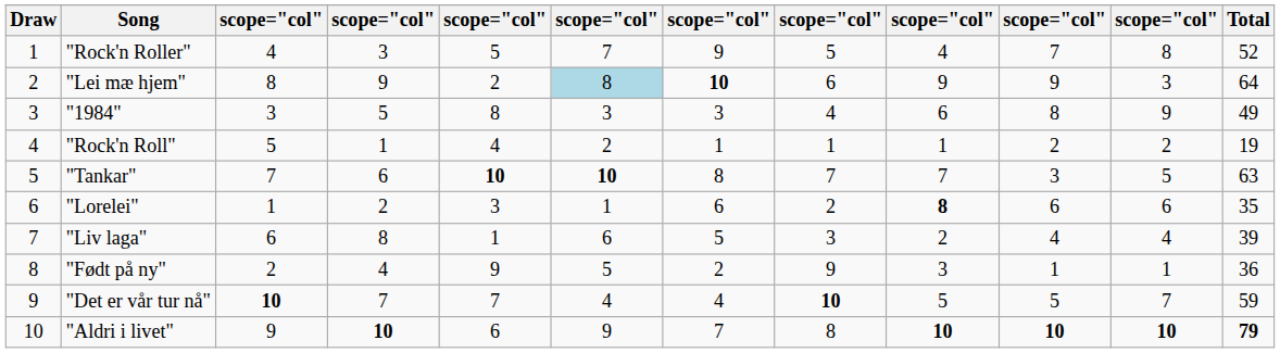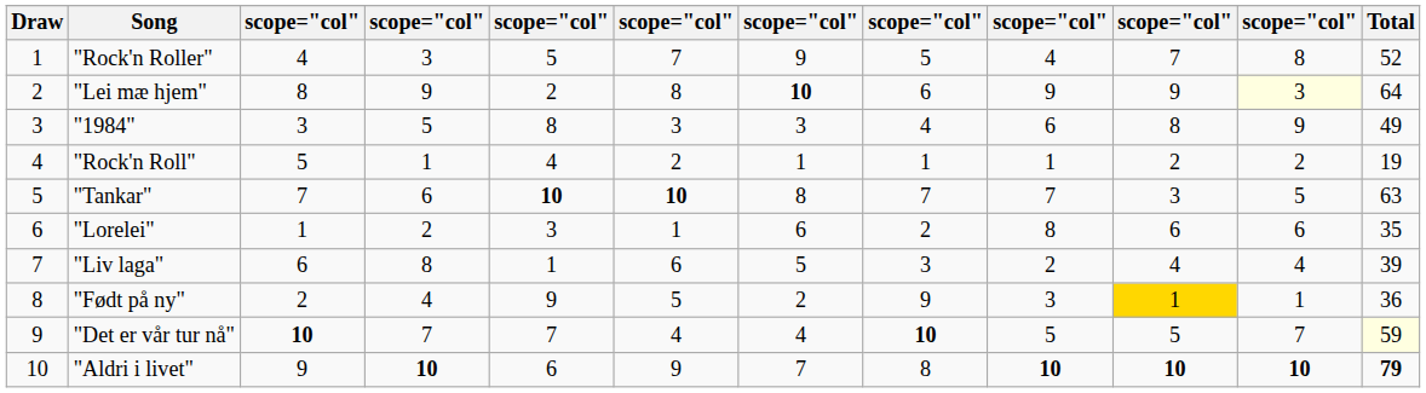 <table class="wikitable plainrowheaders" style="margin: 1em auto 1em auto; text-align:center;">
 <tr>
 </tr>
 <tr>
 <th scope="col">Draw</th>
 <th scope="col">Song</th>
 <th>scope="col" </th>
 <th>scope="col" </th>
 <th>scope="col" </th>
 <th>scope="col" </th>
 <th>scope="col" </th>
 <th>scope="col" </th>
 <th>scope="col" </th>
 <th>scope="col" </th>
 <th>scope="col" </th>
 <th scope="col">Total</th>
 </tr>
 <tr>
 <td>1</td>
 <td align="left">"Rock'n Roller"</td>
 <td>4</td>
 <td>3</td>
 <td>5</td>
 <td>7</td>
 <td>9</td>
 <td>5</td>
 <td>4</td>
 <td>7</td>
 <td>8</td>
 <td>52</td>
 </tr>
 <tr>
 <td>2</td>
 <td align="left">"Lei mæ hjem"</td>
 <td>8</td>
 <td>9</td>
 <td>2</td>
-<td style="background: lightblue;">8</td>
+<td>8</td>
 <td><strong>10</strong></td>
 <td>6</td>
 <td>9</td>
 <td>9</td>
-<td>3</td>
+<td style="background: lightyellow;">3</td>
 <td>64</td>
 </tr>
 <tr>
 <td>3</td>
 <td align="left">"1984"</td>
 <td>3</td>
 <td>5</td>
 <td>8</td>
 <td>3</td>
 <td>3</td>
 <td>4</td>
 <td>6</td>
 <td>8</td>
 <td>9</td>
 <td>49</td>
 </tr>
 <tr>
 <td>4</td>
 <td align="left">"Rock'n Roll"</td>
 <td>5</td>
 <td>1</td>
 <td>4</td>
 <td>2</td>
 <td>1</td>
 <td>1</td>
 <td>1</td>
 <td>2</td>
 <td>2</td>
 <td>19</td>
 </tr>
 <tr>
 <td>5</td>
 <td align="left">"Tankar"</td>
 <td>7</td>
 <td>6</td>
 <td><strong>10</strong></td>
 <td><strong>10</strong></td>
 <td>8</td>
 <td>7</td>
 <td>7</td>
 <td>3</td>
 <td>5</td>
 <td>63</td>
 </tr>
 <tr>
 <td>6</td>
 <td align="left">"Lorelei"</td>
 <td>1</td>
 <td>2</td>
 <td>3</td>
 <td>1</td>
 <td>6</td>
 <td>2</td>
-<td><strong>8</strong></td>
+<td>8</td>
 <td>6</td>
 <td>6</td>
 <td>35</td>
 </tr>
 <tr>
 <td>7</td>
 <td align="left">"Liv laga"</td>
 <td>6</td>
 <td>8</td>
 <td>1</td>
 <td>6</td>
 <td>5</td>
 <td>3</td>
 <td>2</td>
 <td>4</td>
 <td>4</td>
 <td>39</td>
 </tr>
 <tr>
 <td>8</td>
 <td align="left">"Født på ny"</td>
 <td>2</td>
 <td>4</td>
 <td>9</td>
 <td>5</td>
 <td>2</td>
 <td>9</td>
 <td>3</td>
-<td>1</td>
+<td style="background: gold;">1</td>
 <td>1</td>
 <td>36</td>
 </tr>
 <tr>
 <td>9</td>
 <td align="left">"Det er vår tur nå"</td>
 <td><strong>10</strong></td>
 <td>7</td>
 <td>7</td>
 <td>4</td>
 <td>4</td>
 <td><strong>10</strong></td>
 <td>5</td>
 <td>5</td>
 <td>7</td>
-<td>59</td>
+<td style="background: lightyellow;">59</td>
 </tr>
 <tr>
 <td>10</td>
 <td align="left">"Aldri i livet"</td>
 <td>9</td>
 <td><strong>10</strong></td>
 <td>6</td>
 <td>9</td>
 <td>7</td>
 <td>8</td>
 <td><strong>10</strong></td>
 <td><strong>10</strong></td>
 <td><strong>10</strong></td>
 <td><strong>79</strong></td>
 </tr>
 </table>
